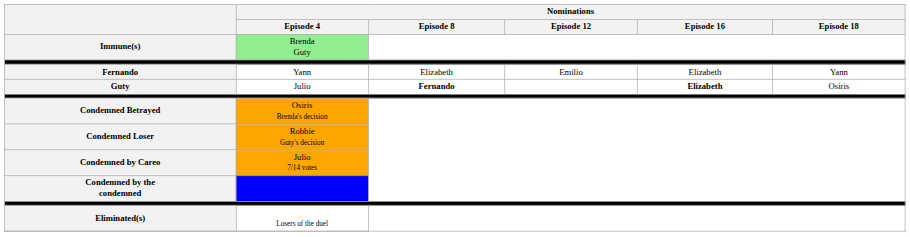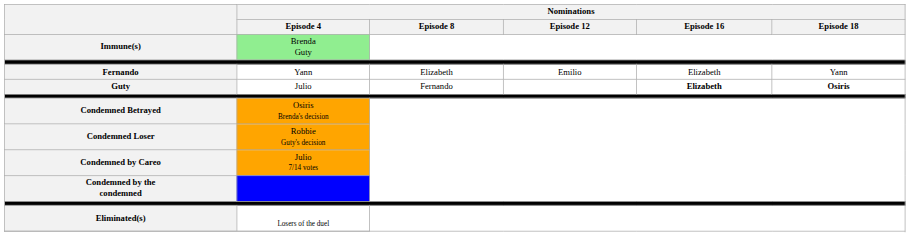 <table border="0" style="background:#ffffff; text-align:center; font-size:75%; width:auto;" align="top" class="wikitable">
 <tr>
 <th rowspan=2 style="width:7%;"></th>
 <th colspan=55>Nominations</th>
 </tr>
 <tr>
 <th style="width:4%;">Episode 4</th>
 <th style="width:4%;">Episode 8</th>
 <th style="width:4%;">Episode 12</th>
 <th style="width:4%;">Episode 16</th>
 <th style="width:4%;">Episode 18</th>
 </tr>
 <tr>
 <th>Immune(s)</th>
 <td bgcolor="lightgreen">Brenda<br> Guty</td>
 </tr>
 <tr>
 <td bgcolor=black colspan="55"></td>
 </tr>
 <tr>
 <th>Fernando</th>
 <td>Yann</td>
 <td>Elizabeth</td>
 <td>Emilio</td>
 <td>Elizabeth</td>
 <td>Yann</td>
 </tr>
 <tr>
 <th>Guty</th>
 <td>Julio</td>
-<td><strong>Fernando</strong></td>
+<td>Fernando</td>
 <td></td>
 <td><strong>Elizabeth</strong></td>
-<td>Osiris</td>
+<td><strong>Osiris</strong></td>
 </tr>
 <tr>
 <td bgcolor=black colspan="55"></td>
 </tr>
 <tr>
 <th>Condemned Betrayed</th>
 <td bgcolor="orange">Osiris<br><small>Brenda's decision</small></td>
 </tr>
 <tr>
 <th>Condemned Loser</th>
 <td bgcolor="orange">Robbie<br><small>Guty's decision</small></td>
 </tr>
 <tr>
 <th>Condemned by Careo</th>
 <td bgcolor="orange">Julio<br><small>7/14 votes</small></td>
 </tr>
 <tr>
 <th>Condemned by the<br> condemned</th>
 <td bgcolor="blue"><br><small></small></td>
 </tr>
 <tr>
 <td bgcolor=black colspan="55"></td>
 </tr>
 <tr>
 <th>Eliminated(s)</th>
 <td><br><small>Losers of the duel</small></td>
 </tr>
 <tr>
 </tr>
 </table>
